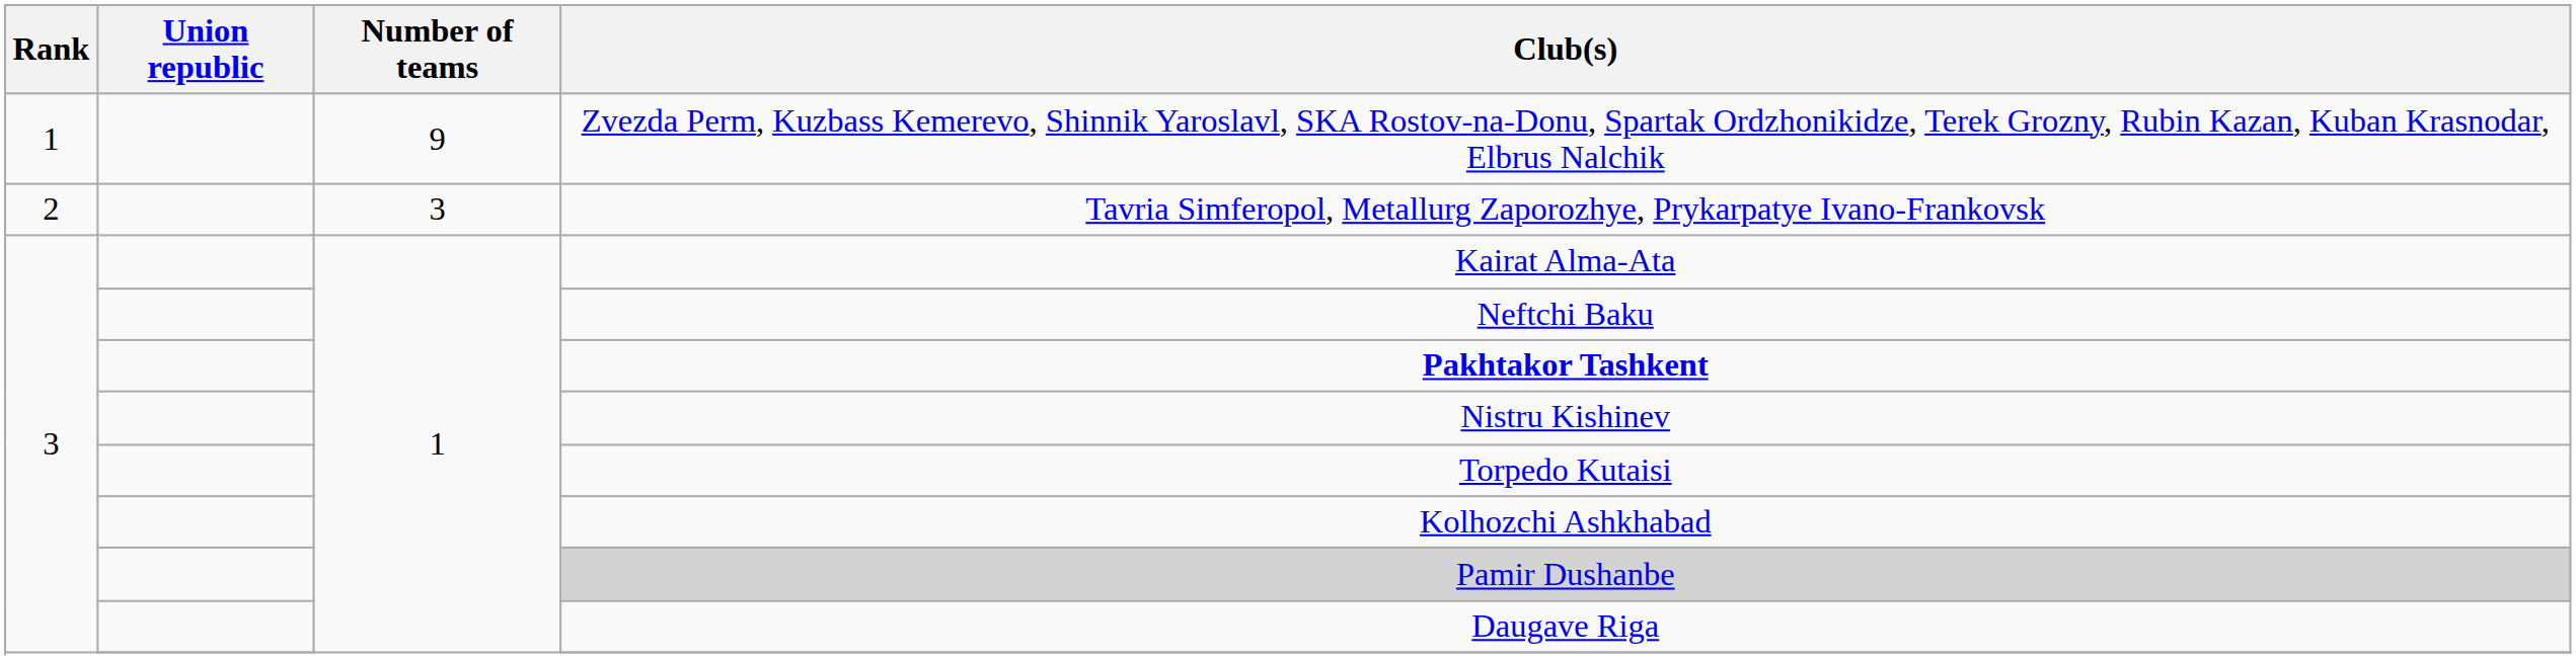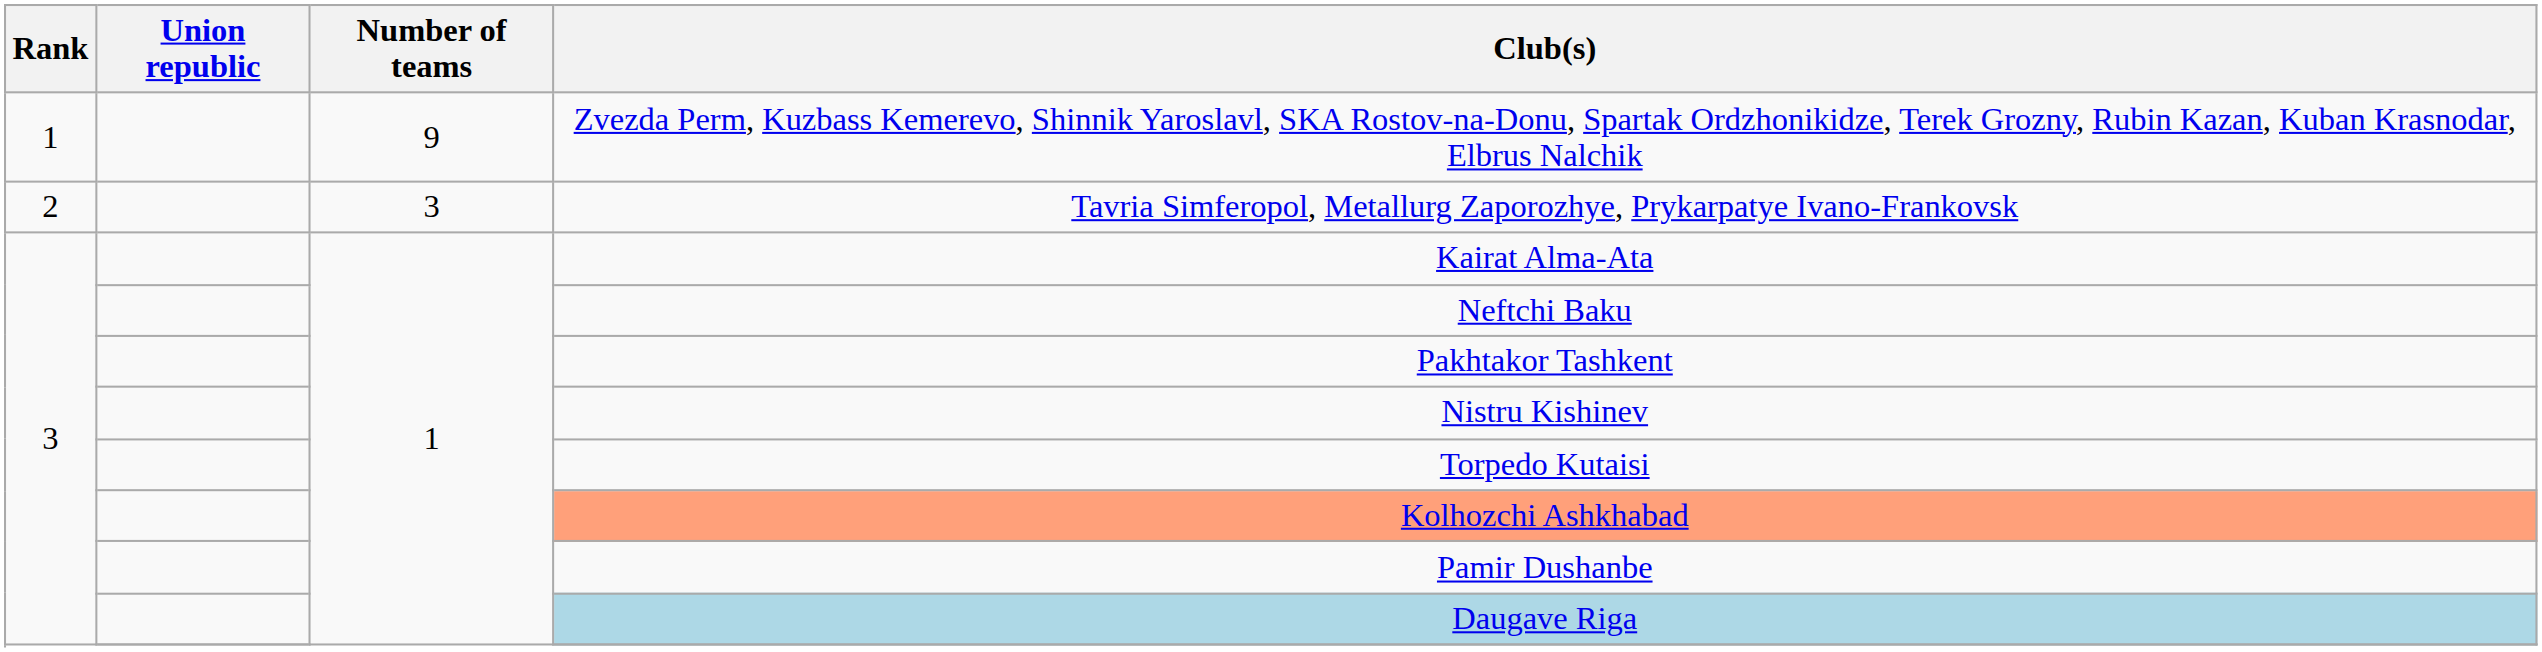 <table class="wikitable">
 <tr>
 <th>Rank</th>
 <th><a href='#'>Union republic</a></th>
 <th>Number of teams</th>
 <th>Club(s)</th>
 </tr>
 <tr>
 <td align="center">1</td>
 <td></td>
 <td align="center">9</td>
 <td align="center"><a href='#'>Zvezda Perm</a>, <a href='#'>Kuzbass Kemerevo</a>, <a href='#'>Shinnik Yaroslavl</a>, <a href='#'>SKA Rostov-na-Donu</a>, <a href='#'>Spartak Ordzhonikidze</a>, <a href='#'>Terek Grozny</a>, <a href='#'>Rubin Kazan</a>, <a href='#'>Kuban Krasnodar</a>, <a href='#'>Elbrus Nalchik</a></td>
 </tr>
 <tr>
 <td align="center">2</td>
 <td></td>
 <td align="center">3</td>
 <td align="center"><a href='#'>Tavria Simferopol</a>, <a href='#'>Metallurg Zaporozhye</a>, <a href='#'>Prykarpatye Ivano-Frankovsk</a></td>
 </tr>
 <tr>
 <td align="center" rowspan=10>3</td>
 <td></td>
 <td align="center" rowspan=10>1</td>
 <td align="center"><a href='#'>Kairat Alma-Ata</a></td>
 </tr>
 <tr>
 <td></td>
 <td align="center"><a href='#'>Neftchi Baku</a></td>
 </tr>
 <tr>
 <td></td>
-<td align="center"><strong><a href='#'>Pakhtakor Tashkent</a></strong></td>
+<td align="center"><a href='#'>Pakhtakor Tashkent</a></td>
 </tr>
 <tr>
 <td></td>
 <td align="center"><a href='#'>Nistru Kishinev</a></td>
 </tr>
 <tr>
 <td></td>
 <td align="center"><a href='#'>Torpedo Kutaisi</a></td>
 </tr>
 <tr>
 <td></td>
-<td align="center"><a href='#'>Kolhozchi Ashkhabad</a></td>
+<td align="center" style="background: lightsalmon;"><a href='#'>Kolhozchi Ashkhabad</a></td>
 </tr>
 <tr>
 <td></td>
-<td align="center" style="background: lightgrey;"><a href='#'>Pamir Dushanbe</a></td>
+<td align="center"><a href='#'>Pamir Dushanbe</a></td>
 </tr>
 <tr>
 <td></td>
-<td align="center"><a href='#'>Daugave Riga</a></td>
+<td align="center" style="background: lightblue;"><a href='#'>Daugave Riga</a></td>
 </tr>
 <tr>
 </tr>
 </table>
